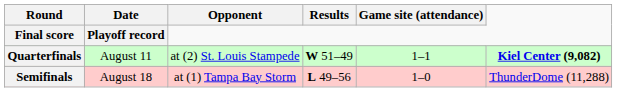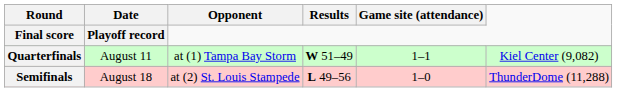 <table class="wikitable" style="font-size: 92%;" "align=center">
 <tr>
 <th>Round</th>
 <th>Date</th>
 <th>Opponent</th>
 <th>Results</th>
 <th>Game site (attendance)</th>
 </tr>
 <tr>
 <th>Final score</th>
 <th>Playoff record</th>
 </tr>
 <tr style="background:#cfc">
 <th>Quarterfinals</th>
 <td style="text-align:center;">August 11</td>
-<td style="text-align:center;">at (2) <a href='#'>St. Louis Stampede</a></td>
+<td style="text-align:center;">at (1) <a href='#'>Tampa Bay Storm</a></td>
 <td style="text-align:center;"><strong>W</strong> 51–49</td>
 <td style="text-align:center;">1–1</td>
-<td style="text-align:center;"><strong><a href='#'>Kiel Center</a> (9,082)</strong></td>
+<td style="text-align:center;"><a href='#'>Kiel Center</a> (9,082)</td>
 </tr>
 <tr style="background:#fcc">
 <th>Semifinals</th>
 <td style="text-align:center;">August 18</td>
-<td style="text-align:center;">at (1) <a href='#'>Tampa Bay Storm</a></td>
+<td style="text-align:center;">at (2) <a href='#'>St. Louis Stampede</a></td>
 <td style="text-align:center;"><strong>L</strong> 49–56</td>
 <td style="text-align:center;">1–0</td>
 <td style="text-align:center;"><a href='#'>ThunderDome</a> (11,288)</td>
 </tr>
 </table>
